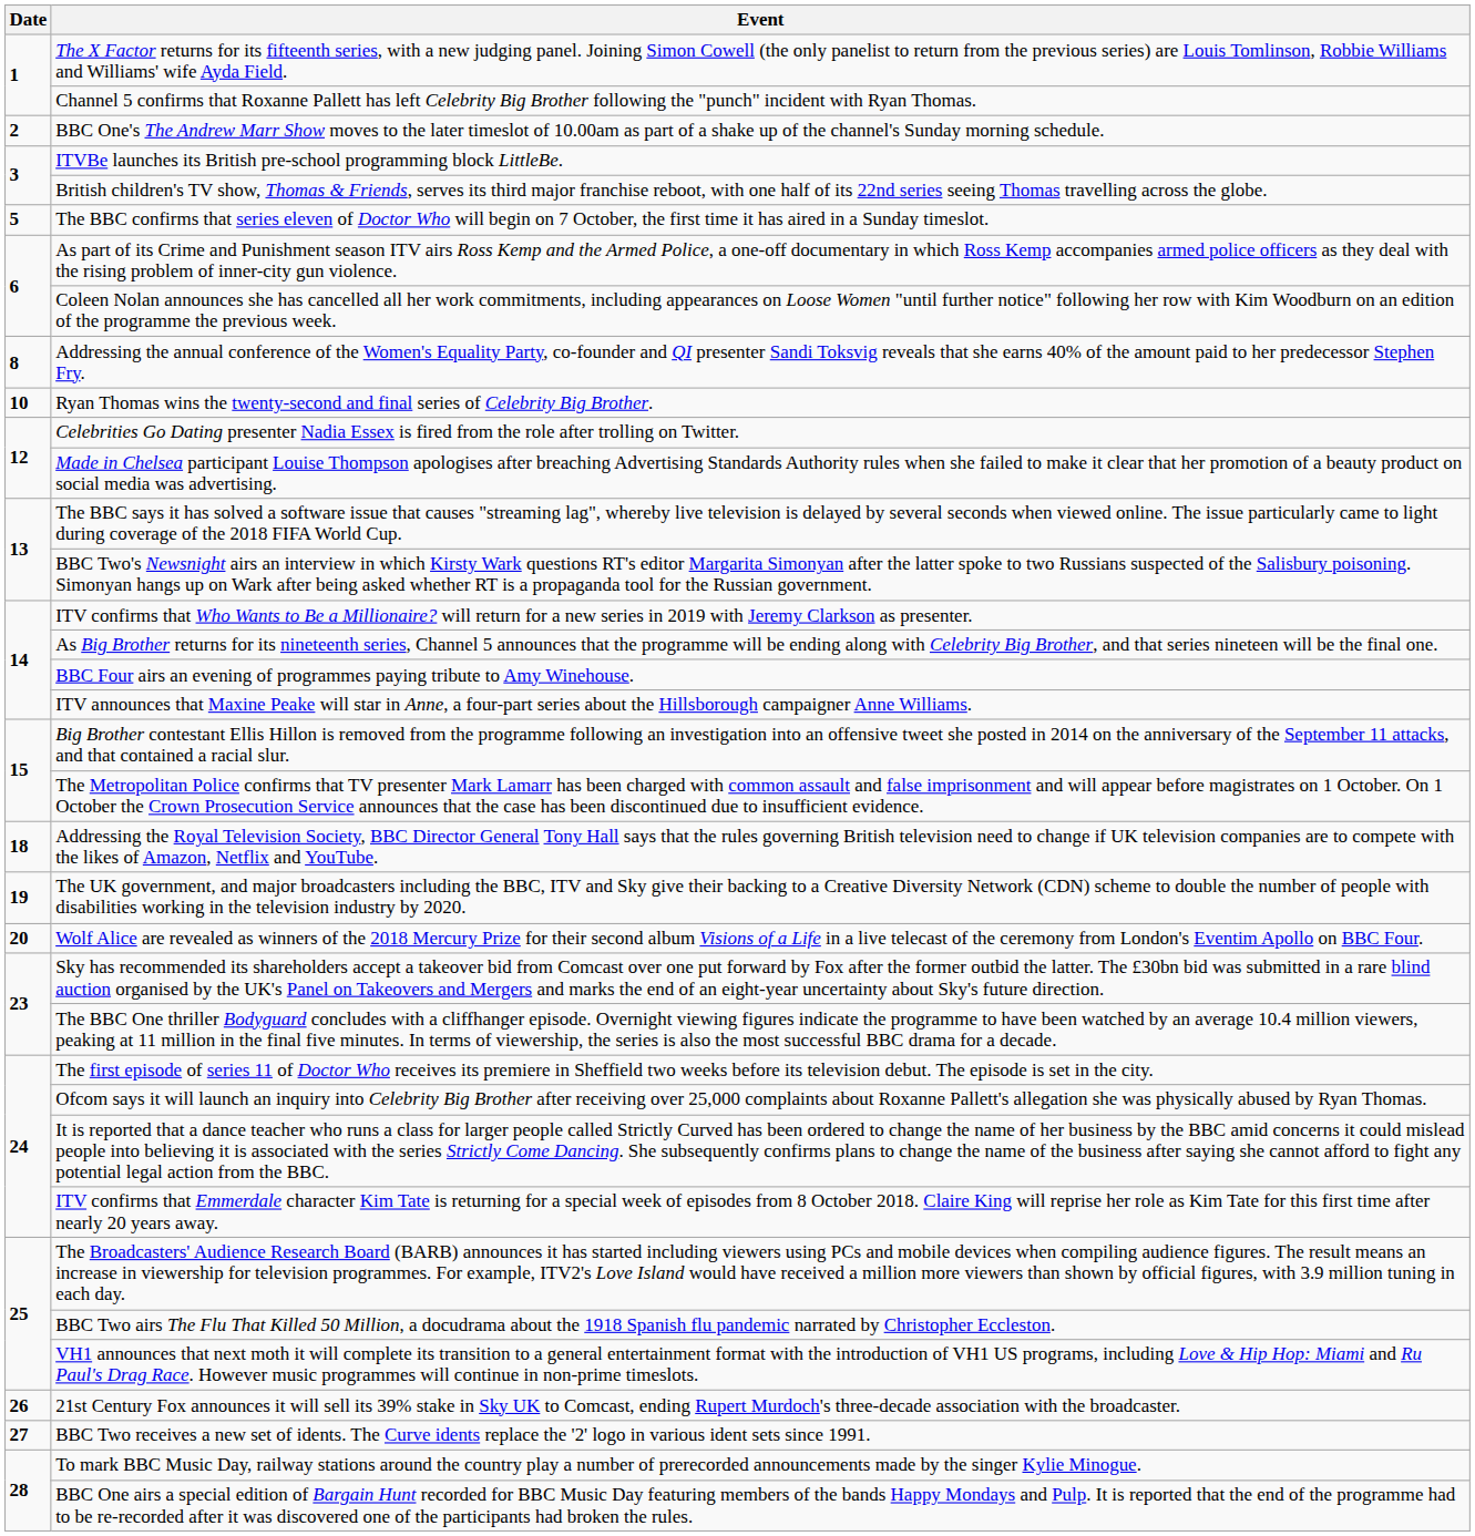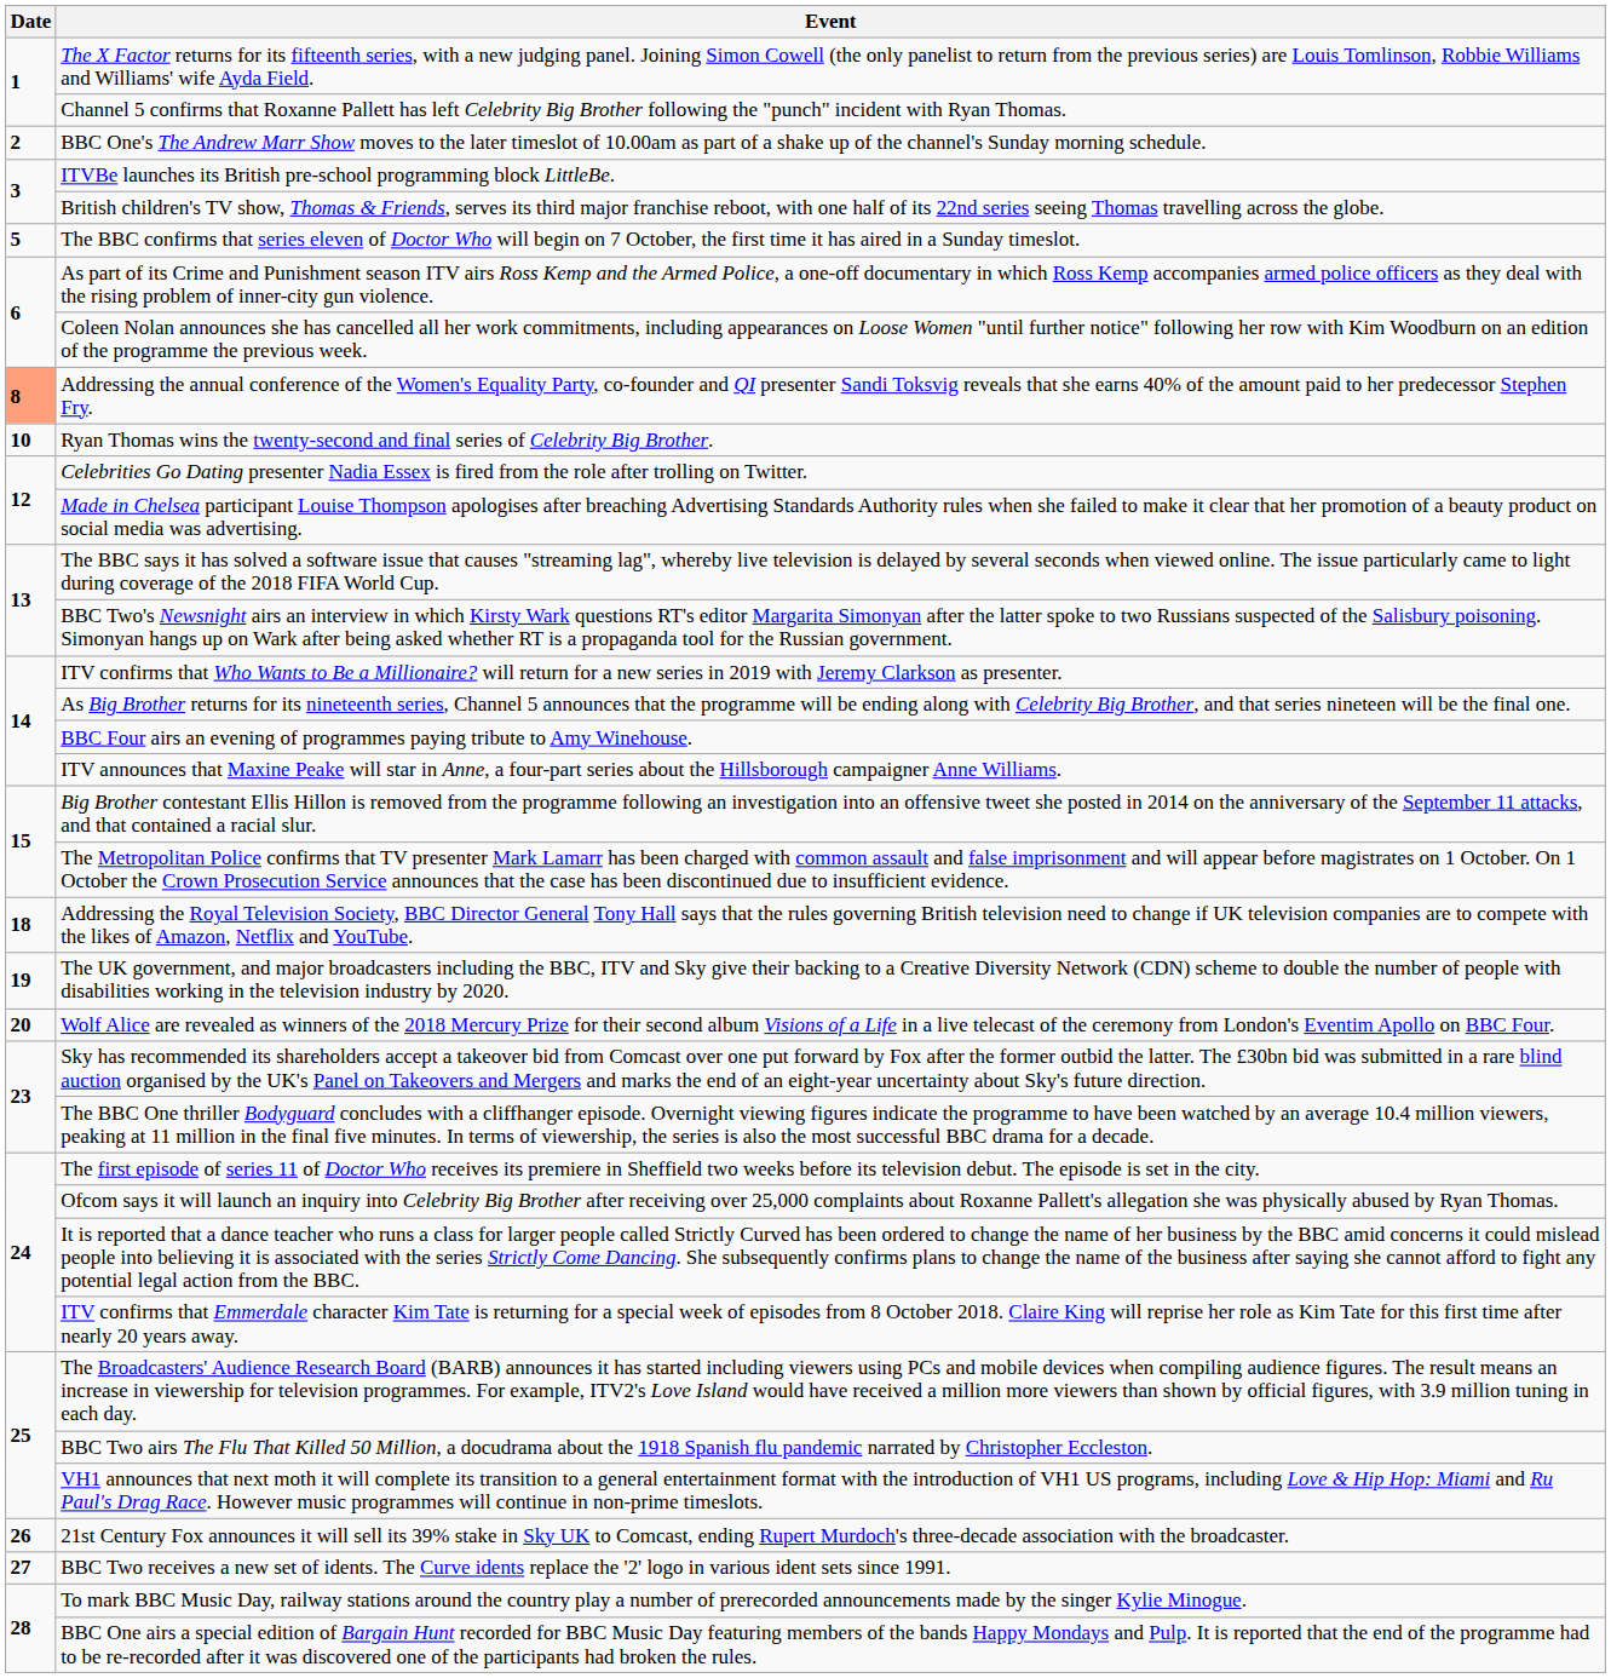 <table class="wikitable">
 <tr>
 <th>Date</th>
 <th>Event</th>
 </tr>
 <tr>
 <td rowspan=2><strong>1</strong></td>
 <td><em><a href='#'>The X Factor</a></em> returns for its <a href='#'>fifteenth series</a>, with a new judging panel. Joining <a href='#'>Simon Cowell</a> (the only panelist to return from the previous series) are <a href='#'>Louis Tomlinson</a>, <a href='#'>Robbie Williams</a> and Williams' wife <a href='#'>Ayda Field</a>.</td>
 </tr>
 <tr>
 <td>Channel 5 confirms that Roxanne Pallett has left <em>Celebrity Big Brother</em> following the "punch" incident with Ryan Thomas.</td>
 </tr>
 <tr>
 <td><strong>2</strong></td>
 <td>BBC One's <em><a href='#'>The Andrew Marr Show</a></em> moves to the later timeslot of 10.00am as part of a shake up of the channel's Sunday morning schedule.</td>
 </tr>
 <tr>
 <td rowspan="2"><strong>3</strong></td>
 <td><a href='#'>ITVBe</a> launches its British pre-school programming block <em>LittleBe</em>.</td>
 </tr>
 <tr>
 <td>British children's TV show, <em><a href='#'>Thomas & Friends</a></em>, serves its third major franchise reboot, with one half of its <a href='#'>22nd series</a> seeing <a href='#'>Thomas</a> travelling across the globe.</td>
 </tr>
 <tr>
 <td><strong>5</strong></td>
 <td>The BBC confirms that <a href='#'>series eleven</a> of <em><a href='#'>Doctor Who</a></em> will begin on 7 October, the first time it has aired in a Sunday timeslot.</td>
 </tr>
 <tr>
 <td rowspan=2><strong>6</strong></td>
 <td>As part of its Crime and Punishment season ITV airs <em>Ross Kemp and the Armed Police</em>, a one-off documentary in which <a href='#'>Ross Kemp</a> accompanies <a href='#'>armed police officers</a> as they deal with the rising problem of inner-city gun violence.</td>
 </tr>
 <tr>
 <td>Coleen Nolan announces she has cancelled all her work commitments, including appearances on <em>Loose Women</em> "until further notice" following her row with Kim Woodburn on an edition of the programme the previous week.</td>
 </tr>
 <tr>
-<td><strong>8</strong></td>
+<td style="background: lightsalmon;"><strong>8</strong></td>
 <td>Addressing the annual conference of the <a href='#'>Women's Equality Party</a>, co-founder and <em><a href='#'>QI</a></em> presenter <a href='#'>Sandi Toksvig</a> reveals that she earns 40% of the amount paid to her predecessor <a href='#'>Stephen Fry</a>.</td>
 </tr>
 <tr>
 <td><strong>10</strong></td>
 <td>Ryan Thomas wins the <a href='#'>twenty-second and final</a> series of <em><a href='#'>Celebrity Big Brother</a></em>.</td>
 </tr>
 <tr>
 <td rowspan=2><strong>12</strong></td>
 <td><em>Celebrities Go Dating</em> presenter <a href='#'>Nadia Essex</a> is fired from the role after trolling on Twitter.</td>
 </tr>
 <tr>
 <td><em><a href='#'>Made in Chelsea</a></em> participant <a href='#'>Louise Thompson</a> apologises after breaching Advertising Standards Authority rules when she failed to make it clear that her promotion of a beauty product on social media was advertising.</td>
 </tr>
 <tr>
 <td rowspan=2><strong>13</strong></td>
 <td>The BBC says it has solved a software issue that causes "streaming lag", whereby live television is delayed by several seconds when viewed online. The issue particularly came to light during coverage of the 2018 FIFA World Cup.</td>
 </tr>
 <tr>
 <td>BBC Two's <em><a href='#'>Newsnight</a></em> airs an interview in which <a href='#'>Kirsty Wark</a> questions RT's editor <a href='#'>Margarita Simonyan</a> after the latter spoke to two Russians suspected of the <a href='#'>Salisbury poisoning</a>. Simonyan hangs up on Wark after being asked whether RT is a propaganda tool for the Russian government.</td>
 </tr>
 <tr>
 <td rowspan=4><strong>14</strong></td>
 <td>ITV confirms that <em><a href='#'>Who Wants to Be a Millionaire?</a></em> will return for a new series in 2019 with <a href='#'>Jeremy Clarkson</a> as presenter.</td>
 </tr>
 <tr>
 <td>As <em><a href='#'>Big Brother</a></em> returns for its <a href='#'>nineteenth series</a>, Channel 5 announces that the programme will be ending along with <em><a href='#'>Celebrity Big Brother</a></em>, and that series nineteen will be the final one.</td>
 </tr>
 <tr>
 <td><a href='#'>BBC Four</a> airs an evening of programmes paying tribute to <a href='#'>Amy Winehouse</a>.</td>
 </tr>
 <tr>
 <td>ITV announces that <a href='#'>Maxine Peake</a> will star in <em>Anne</em>, a four-part series about the <a href='#'>Hillsborough</a> campaigner <a href='#'>Anne Williams</a>.</td>
 </tr>
 <tr>
 <td rowspan=2><strong>15</strong></td>
 <td><em>Big Brother</em> contestant Ellis Hillon is removed from the programme following an investigation into an offensive tweet she posted in 2014 on the anniversary of the <a href='#'>September 11 attacks</a>, and that contained a racial slur.</td>
 </tr>
 <tr>
 <td>The <a href='#'>Metropolitan Police</a> confirms that TV presenter <a href='#'>Mark Lamarr</a> has been charged with <a href='#'>common assault</a> and <a href='#'>false imprisonment</a> and will appear before magistrates on 1 October. On 1 October the <a href='#'>Crown Prosecution Service</a> announces that the case has been discontinued due to insufficient evidence.</td>
 </tr>
 <tr>
 <td><strong>18</strong></td>
 <td>Addressing the <a href='#'>Royal Television Society</a>, <a href='#'>BBC Director General</a> <a href='#'>Tony Hall</a> says that the rules governing British television need to change if UK television companies are to compete with the likes of <a href='#'>Amazon</a>, <a href='#'>Netflix</a> and <a href='#'>YouTube</a>.</td>
 </tr>
 <tr>
 <td><strong>19</strong></td>
 <td>The UK government, and major broadcasters including the BBC, ITV and Sky give their backing to a Creative Diversity Network (CDN) scheme to double the number of people with disabilities working in the television industry by 2020.</td>
 </tr>
 <tr>
 <td><strong>20</strong></td>
 <td><a href='#'>Wolf Alice</a> are revealed as winners of the <a href='#'>2018 Mercury Prize</a> for their second album <em><a href='#'>Visions of a Life</a></em> in a live telecast of the ceremony from London's <a href='#'>Eventim Apollo</a> on <a href='#'>BBC Four</a>.</td>
 </tr>
 <tr>
 <td rowspan=2><strong>23</strong></td>
 <td>Sky has recommended its shareholders accept a takeover bid from Comcast over one put forward by Fox after the former outbid the latter. The £30bn bid was submitted in a rare <a href='#'>blind auction</a> organised by the UK's <a href='#'>Panel on Takeovers and Mergers</a> and marks the end of an eight-year uncertainty about Sky's future direction.</td>
 </tr>
 <tr>
 <td>The BBC One thriller <em><a href='#'>Bodyguard</a></em> concludes with a cliffhanger episode. Overnight viewing figures indicate the programme to have been watched by an average 10.4 million viewers, peaking at 11 million in the final five minutes. In terms of viewership, the series is also the most successful BBC drama for a decade.</td>
 </tr>
 <tr>
 <td rowspan=4><strong>24</strong></td>
 <td>The <a href='#'>first episode</a> of <a href='#'>series 11</a> of <em><a href='#'>Doctor Who</a></em> receives its premiere in Sheffield two weeks before its television debut. The episode is set in the city.</td>
 </tr>
 <tr>
 <td>Ofcom says it will launch an inquiry into <em>Celebrity Big Brother</em> after receiving over 25,000 complaints about Roxanne Pallett's allegation she was physically abused by Ryan Thomas.</td>
 </tr>
 <tr>
 <td>It is reported that a dance teacher who runs a class for larger people called Strictly Curved has been ordered to change the name of her business by the BBC amid concerns it could mislead people into believing it is associated with the series <em><a href='#'>Strictly Come Dancing</a></em>. She subsequently confirms plans to change the name of the business after saying she cannot afford to fight any potential legal action from the BBC.</td>
 </tr>
 <tr>
 <td><a href='#'>ITV</a> confirms that <em><a href='#'>Emmerdale</a></em> character <a href='#'>Kim Tate</a> is returning for a special week of episodes from 8 October 2018. <a href='#'>Claire King</a> will reprise her role as Kim Tate for this first time after nearly 20 years away.</td>
 </tr>
 <tr>
 <td rowspan=3><strong>25</strong></td>
 <td>The <a href='#'>Broadcasters' Audience Research Board</a> (BARB) announces it has started including viewers using PCs and mobile devices when compiling audience figures. The result means an increase in viewership for television programmes. For example, ITV2's <em>Love Island</em> would have received a million more viewers than shown by official figures, with 3.9 million tuning in each day.</td>
 </tr>
 <tr>
 <td>BBC Two airs <em>The Flu That Killed 50 Million</em>, a docudrama about the <a href='#'>1918 Spanish flu pandemic</a> narrated by <a href='#'>Christopher Eccleston</a>.</td>
 </tr>
 <tr>
 <td><a href='#'>VH1</a> announces that next moth it will complete its transition to a general entertainment format with the introduction of VH1 US programs, including <em><a href='#'>Love & Hip Hop: Miami</a></em> and <em><a href='#'>Ru Paul's Drag Race</a></em>. However music programmes will continue in non-prime timeslots.</td>
 </tr>
 <tr>
 <td><strong>26</strong></td>
 <td>21st Century Fox announces it will sell its 39% stake in <a href='#'>Sky UK</a> to Comcast, ending <a href='#'>Rupert Murdoch</a>'s three-decade association with the broadcaster.</td>
 </tr>
 <tr>
 <td><strong>27</strong></td>
 <td>BBC Two receives a new set of idents. The <a href='#'>Curve idents</a> replace the '2' logo in various ident sets since 1991.</td>
 </tr>
 <tr>
 <td rowspan=2><strong>28</strong></td>
 <td>To mark BBC Music Day, railway stations around the country play a number of prerecorded announcements made by the singer <a href='#'>Kylie Minogue</a>.</td>
 </tr>
 <tr>
 <td>BBC One airs a special edition of <em><a href='#'>Bargain Hunt</a></em> recorded for BBC Music Day featuring members of the bands <a href='#'>Happy Mondays</a> and <a href='#'>Pulp</a>. It is reported that the end of the programme had to be re-recorded after it was discovered one of the participants had broken the rules.</td>
 </tr>
 </table>
